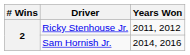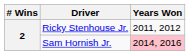 <table class="wikitable" style="font-size: 95%;">
 <tr>
 <th># Wins</th>
 <th>Driver</th>
 <th>Years Won</th>
 </tr>
 <tr>
 <th rowspan="2">2</th>
 <td><a href='#'>Ricky Stenhouse Jr.</a></td>
 <td>2011, 2012</td>
 </tr>
 <tr>
 <td><a href='#'>Sam Hornish Jr.</a></td>
-<td>2014, 2016</td>
+<td style="background: pink;">2014, 2016</td>
 </tr>
 </table>
